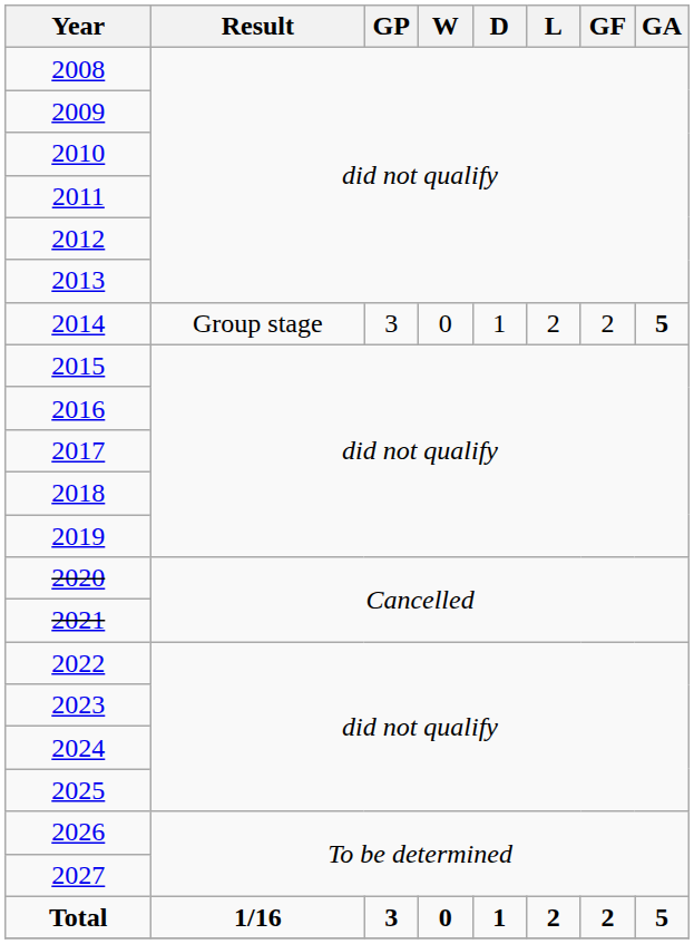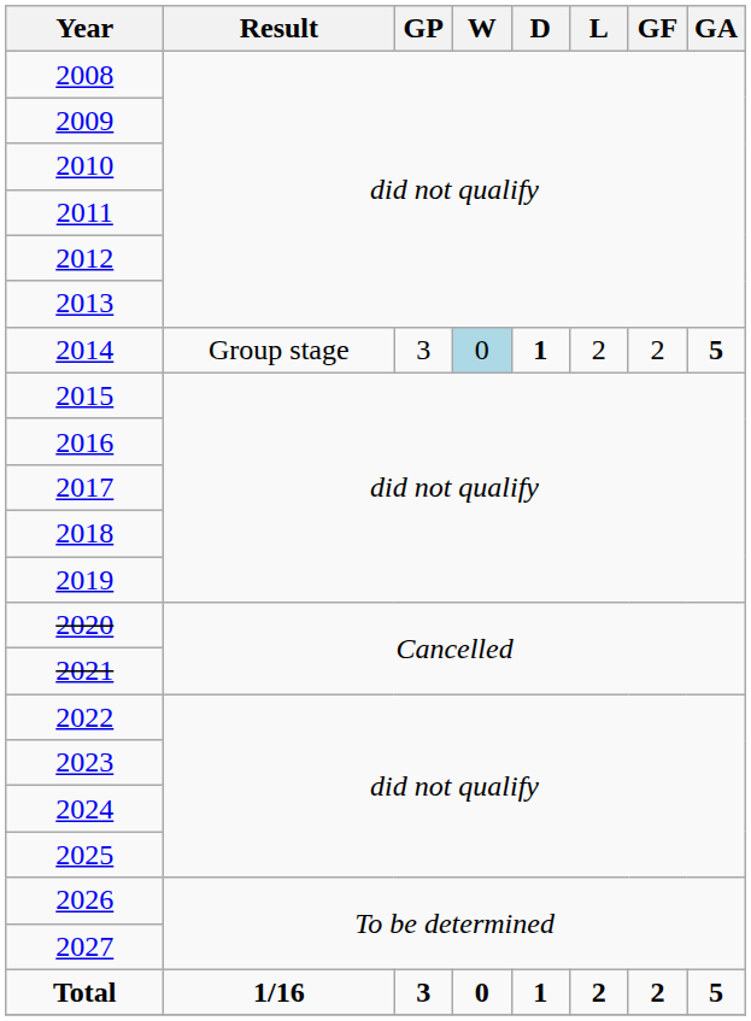 <table class="wikitable" style="text-align: center;">
 <tr>
 <th width=80>Year</th>
 <th width=120>Result</th>
 <th width=25>GP</th>
 <th width=25>W</th>
 <th width=25>D</th>
 <th width=25>L</th>
 <th width=25>GF</th>
 <th width=25>GA</th>
 </tr>
 <tr>
 <td> <a href='#'>2008</a></td>
 <td colspan=8 rowspan=6><em>did not qualify</em></td>
 </tr>
 <tr>
 <td> <a href='#'>2009</a></td>
 </tr>
 <tr>
 <td> <a href='#'>2010</a></td>
 </tr>
 <tr>
 <td> <a href='#'>2011</a></td>
 </tr>
 <tr>
 <td> <a href='#'>2012</a></td>
 </tr>
 <tr>
 <td> <a href='#'>2013</a></td>
 </tr>
 <tr>
 <td> <a href='#'>2014</a></td>
 <td>Group stage</td>
 <td>3</td>
-<td>0</td>
-<td>1</td>
+<td style="background: lightblue;">0</td>
+<td><strong>1</strong></td>
 <td>2</td>
 <td>2</td>
 <td><strong>5</strong></td>
 </tr>
 <tr>
 <td> <a href='#'>2015</a></td>
 <td colspan=8 rowspan=5><em>did not qualify</em></td>
 </tr>
 <tr>
 <td> <a href='#'>2016</a></td>
 </tr>
 <tr>
 <td> <a href='#'>2017</a></td>
 </tr>
 <tr>
 <td> <a href='#'>2018</a></td>
 </tr>
 <tr>
 <td> <a href='#'>2019</a></td>
 </tr>
 <tr>
 <td> <s><a href='#'>2020</a></s></td>
 <td colspan=8 rowspan=2><em>Cancelled</em></td>
 </tr>
 <tr>
 <td> <s><a href='#'>2021</a></s></td>
 </tr>
 <tr>
 <td> <a href='#'>2022</a></td>
 <td colspan=8 rowspan=4><em>did not qualify</em></td>
 </tr>
 <tr>
 <td> <a href='#'>2023</a></td>
 </tr>
 <tr>
 <td> <a href='#'>2024</a></td>
 </tr>
 <tr>
 <td> <a href='#'>2025</a></td>
 </tr>
 <tr>
 <td> <a href='#'>2026</a></td>
 <td colspan=8 rowspan=2><em>To be determined</em></td>
 </tr>
 <tr>
 <td> <a href='#'>2027</a></td>
 </tr>
 <tr>
 <td><strong>Total</strong></td>
 <td><strong>1/16</strong></td>
 <td><strong>3</strong></td>
 <td><strong>0</strong></td>
 <td><strong>1</strong></td>
 <td><strong>2</strong></td>
 <td><strong>2</strong></td>
 <td><strong>5</strong></td>
 </tr>
 <tr>
 </tr>
 </table>
